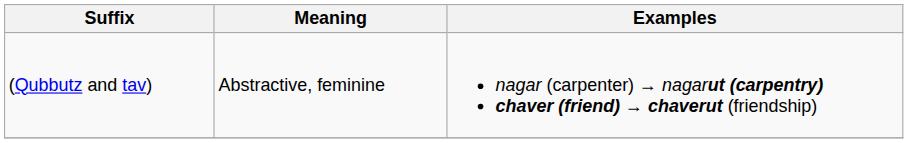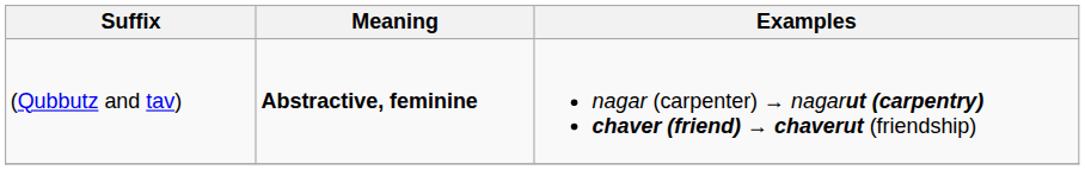 <table class="wikitable">
 <tr>
 <th width="180">Suffix</th>
 <th width="200">Meaning</th>
 <th width="400">Examples</th>
 </tr>
 <tr>
 <td> (<a href='#'>Qubbutz</a> and <a href='#'>tav</a>)</td>
-<td>Abstractive, feminine</td>
+<td><strong>Abstractive, feminine</strong></td>
 <td><br><ul><li> <em>nagar</em> (carpenter) →   <em>nagar<strong>ut<strong><em> (carpentry)</li><li> </em>chaver<em> (friend) →   </em>chaver</strong>ut</em></strong> (friendship)</li></ul></td>
 </tr>
 <tr>
 </tr>
 </table>
